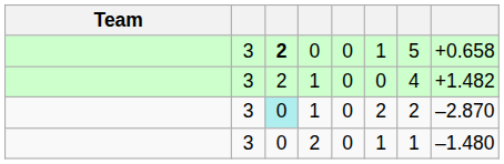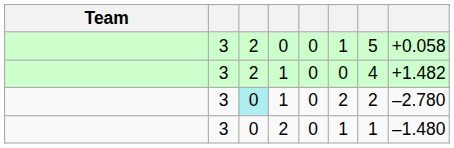 <table class="wikitable" style="text-align:center">
 <tr>
 <th width=180>Team</th>
 <th width=20></th>
 <th width=20></th>
 <th width=20></th>
 <th width=20></th>
 <th width=20></th>
 <th width=20></th>
 <th width=45></th>
 </tr>
 <tr style="background:#cfc">
 <td align="left"></td>
 <td>3</td>
-<td><strong>2</strong></td>
+<td>2</td>
 <td>0</td>
 <td>0</td>
 <td>1</td>
 <td>5</td>
-<td>+0.658</td>
+<td>+0.058</td>
 </tr>
 <tr style="background:#cfc">
 <td align="left"></td>
 <td>3</td>
 <td>2</td>
 <td>1</td>
 <td>0</td>
 <td>0</td>
 <td>4</td>
 <td>+1.482</td>
 </tr>
 <tr>
 <td align="left"></td>
 <td>3</td>
 <td style="background: paleturquoise;">0</td>
 <td>1</td>
 <td>0</td>
 <td>2</td>
 <td>2</td>
-<td>–2.870</td>
+<td>–2.780</td>
 </tr>
 <tr>
 <td align="left"></td>
 <td>3</td>
 <td>0</td>
 <td>2</td>
 <td>0</td>
 <td>1</td>
 <td>1</td>
 <td>–1.480</td>
 </tr>
 </table>
